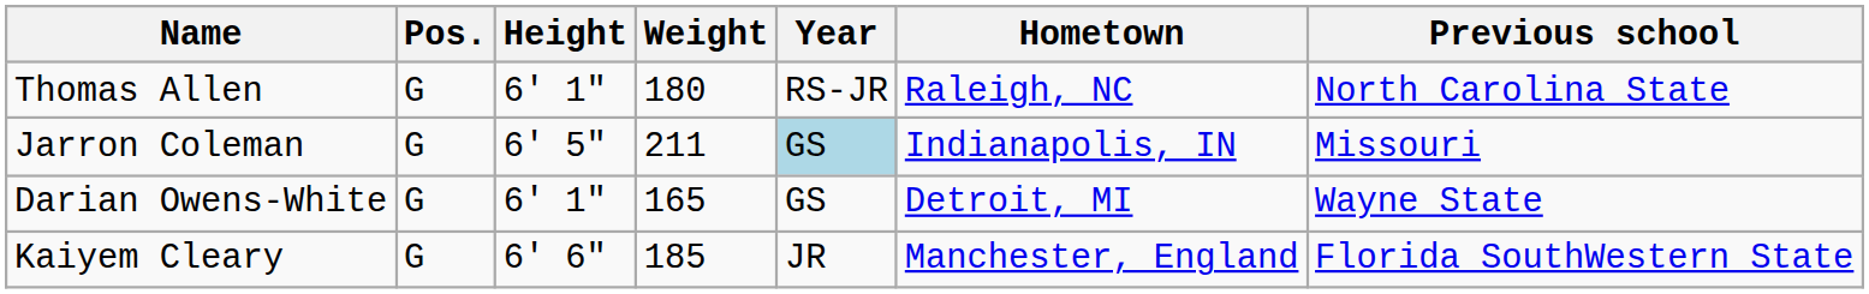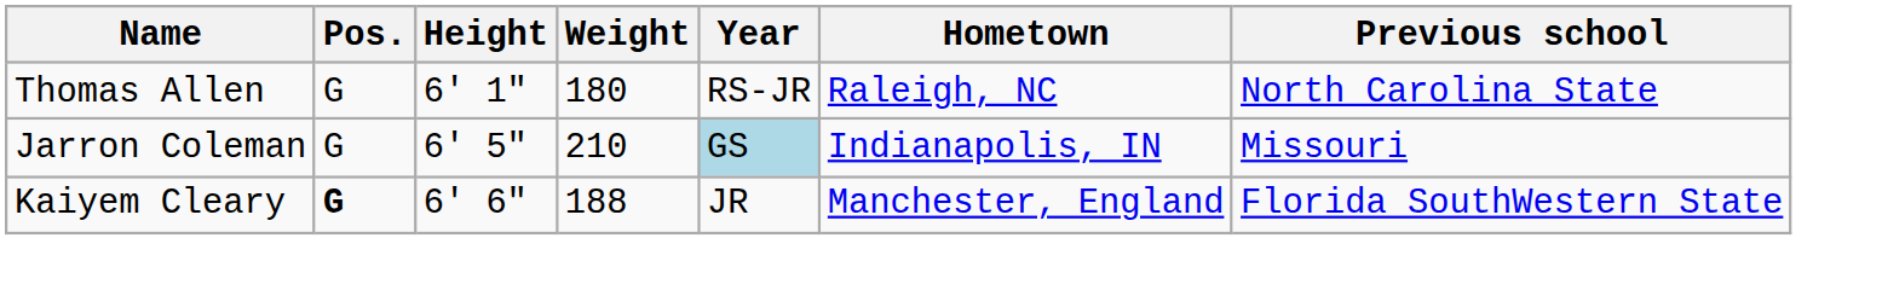 <table class="wikitable sortable" border="1">
 <tr align=center>
 <th>Name</th>
 <th>Pos.</th>
 <th>Height</th>
 <th>Weight</th>
 <th>Year</th>
 <th>Hometown</th>
 <th>Previous school</th>
 </tr>
 <tr>
 <td>Thomas Allen</td>
 <td>G</td>
 <td>6' 1"</td>
 <td>180</td>
 <td>RS-JR</td>
 <td><a href='#'>Raleigh, NC</a></td>
 <td><a href='#'>North Carolina State</a></td>
 </tr>
 <tr>
 <td>Jarron Coleman</td>
 <td>G</td>
 <td>6' 5"</td>
-<td>211</td>
+<td>210</td>
 <td style="background: lightblue;">GS</td>
 <td><a href='#'>Indianapolis, IN</a></td>
 <td><a href='#'>Missouri</a></td>
 </tr>
 <tr>
-<td>Darian Owens-White</td>
-<td>G</td>
-<td>6' 1"</td>
-<td>165</td>
-<td>GS</td>
-<td><a href='#'>Detroit, MI</a></td>
-<td><a href='#'>Wayne State</a></td>
-</tr>
-<tr>
 <td>Kaiyem Cleary</td>
-<td>G</td>
+<td><strong>G</strong></td>
 <td>6' 6"</td>
-<td>185</td>
+<td>188</td>
 <td>JR</td>
 <td><a href='#'>Manchester, England</a></td>
 <td><a href='#'>Florida SouthWestern State</a></td>
 </tr>
 </table>
